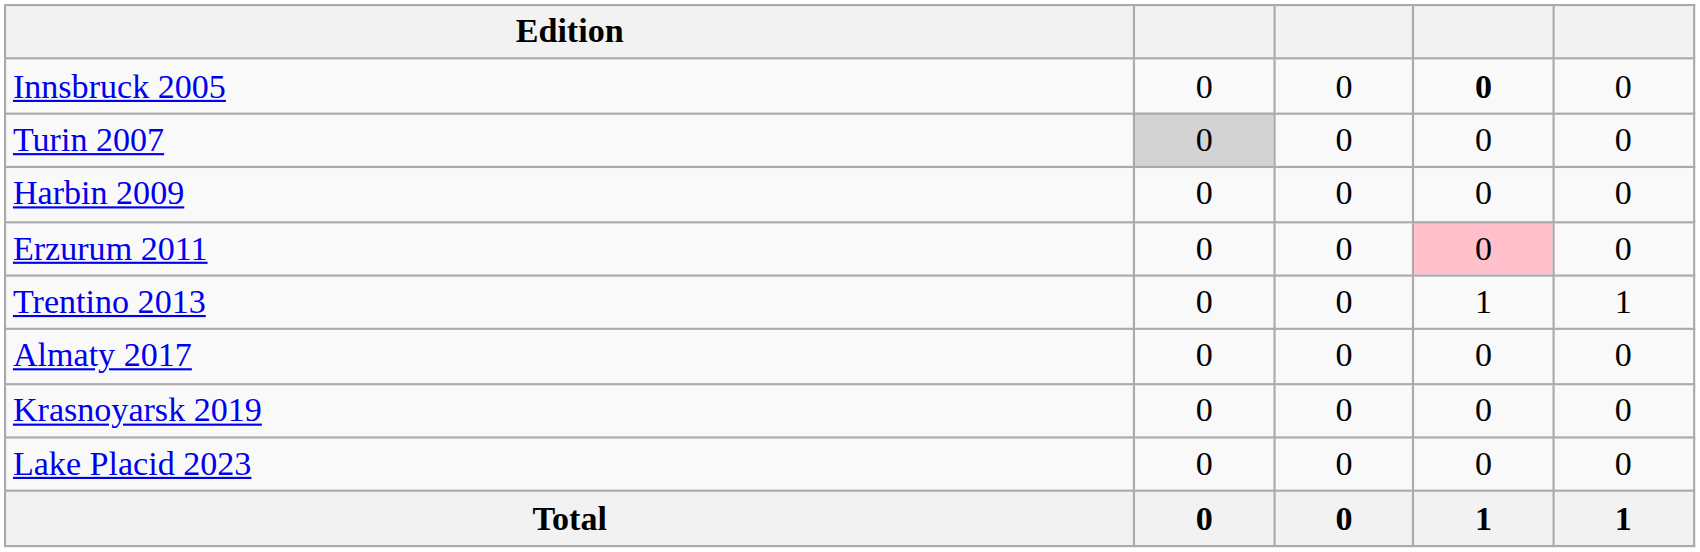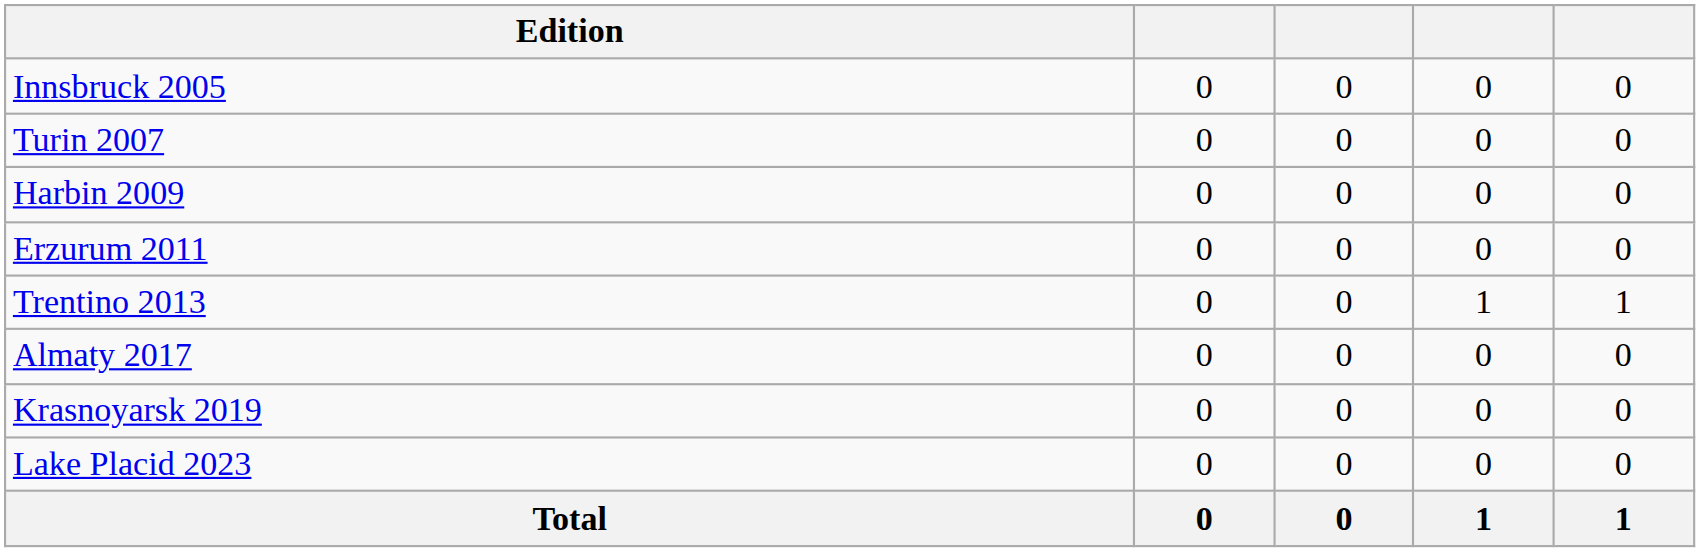 <table class="wikitable" width="40%" style="font-size:100%; text-align:center;">
 <tr>
 <th>Edition</th>
 <th></th>
 <th></th>
 <th></th>
 <th></th>
 </tr>
 <tr>
 <td align="left"> <a href='#'>Innsbruck 2005</a></td>
 <td>0</td>
 <td>0</td>
-<td><strong>0</strong></td>
+<td>0</td>
 <td>0</td>
 </tr>
 <tr>
 <td align="left"> <a href='#'>Turin 2007</a></td>
-<td style="background: lightgrey;">0</td>
+<td>0</td>
 <td>0</td>
 <td>0</td>
 <td>0</td>
 </tr>
 <tr>
 <td align="left"> <a href='#'>Harbin 2009</a></td>
 <td>0</td>
 <td>0</td>
 <td>0</td>
 <td>0</td>
 </tr>
 <tr>
 <td align="left"> <a href='#'>Erzurum 2011</a></td>
 <td>0</td>
 <td>0</td>
-<td style="background: pink;">0</td>
+<td>0</td>
 <td>0</td>
 </tr>
 <tr>
 <td align="left"> <a href='#'>Trentino 2013</a></td>
 <td>0</td>
 <td>0</td>
 <td>1</td>
 <td>1</td>
 </tr>
 <tr>
 <td align="left"> <a href='#'>Almaty 2017</a></td>
 <td>0</td>
 <td>0</td>
 <td>0</td>
 <td>0</td>
 </tr>
 <tr>
 <td align="left"> <a href='#'>Krasnoyarsk 2019</a></td>
 <td>0</td>
 <td>0</td>
 <td>0</td>
 <td>0</td>
 </tr>
 <tr>
 <td align="left"> <a href='#'>Lake Placid 2023</a></td>
 <td>0</td>
 <td>0</td>
 <td>0</td>
 <td>0</td>
 </tr>
 <tr>
 <th>Total</th>
 <th>0</th>
 <th>0</th>
 <th>1</th>
 <th>1</th>
 </tr>
 </table>
